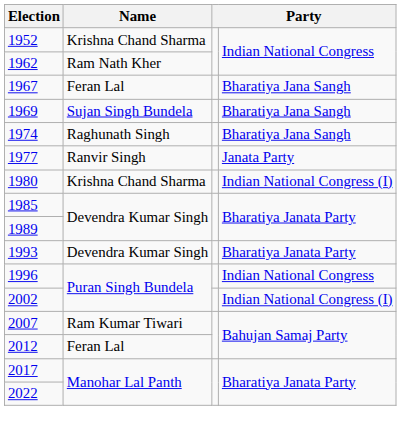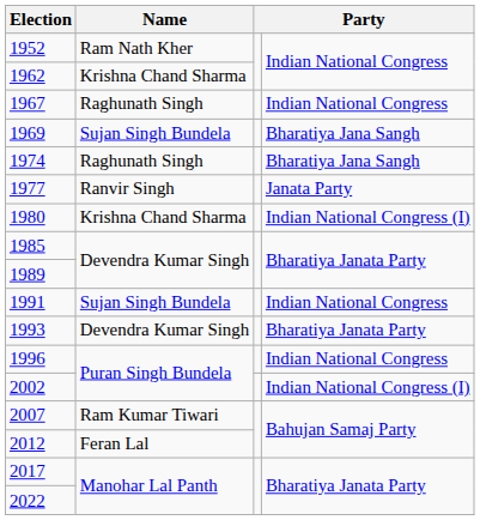 <table class="wikitable sortable">
 <tr>
 <th>Election</th>
 <th>Name</th>
 <th colspan="2">Party</th>
 </tr>
 <tr>
 <td><a href='#'>1952</a></td>
-<td>Krishna Chand Sharma</td>
+<td>Ram Nath Kher</td>
 <td rowspan="2" style="background-color: "></td>
 <td rowspan="2"><a href='#'>Indian National Congress</a></td>
 </tr>
 <tr>
 <td><a href='#'>1962</a></td>
-<td>Ram Nath Kher</td>
+<td>Krishna Chand Sharma</td>
 </tr>
 <tr>
 <td><a href='#'>1967</a></td>
-<td>Feran Lal</td>
+<td>Raghunath Singh</td>
 <td style="background-color: "></td>
-<td><a href='#'>Bharatiya Jana Sangh</a></td>
+<td><a href='#'>Indian National Congress</a></td>
 </tr>
 <tr>
 <td><a href='#'>1969</a></td>
 <td><a href='#'>Sujan Singh Bundela</a></td>
 <td style="background-color: "></td>
 <td><a href='#'>Bharatiya Jana Sangh</a></td>
 </tr>
 <tr>
 <td><a href='#'>1974</a></td>
 <td>Raghunath Singh</td>
 <td style="background-color: "></td>
 <td><a href='#'>Bharatiya Jana Sangh</a></td>
 </tr>
 <tr>
 <td><a href='#'>1977</a></td>
 <td>Ranvir Singh</td>
 <td style="background-color: "></td>
 <td><a href='#'>Janata Party</a></td>
 </tr>
 <tr>
 <td><a href='#'>1980</a></td>
 <td>Krishna Chand Sharma</td>
 <td style="background-color: "></td>
 <td><a href='#'>Indian National Congress (I)</a></td>
 </tr>
 <tr>
 <td><a href='#'>1985</a></td>
 <td rowspan="2">Devendra Kumar Singh</td>
 <td rowspan="2" style="background-color: "></td>
 <td rowspan="2"><a href='#'>Bharatiya Janata Party</a></td>
 </tr>
 <tr>
 <td><a href='#'>1989</a></td>
+</tr>
+<tr>
+<td><a href='#'>1991</a></td>
+<td><a href='#'>Sujan Singh Bundela</a></td>
+<td style="background-color: "></td>
+<td><a href='#'>Indian National Congress</a></td>
 </tr>
 <tr>
 <td><a href='#'>1993</a></td>
 <td>Devendra Kumar Singh</td>
 <td style="background-color: "></td>
 <td><a href='#'>Bharatiya Janata Party</a></td>
 </tr>
 <tr>
 <td><a href='#'>1996</a></td>
 <td rowspan="2"><a href='#'>Puran Singh Bundela</a></td>
 <td style="background-color: "></td>
 <td><a href='#'>Indian National Congress</a></td>
 </tr>
 <tr>
 <td><a href='#'>2002</a></td>
 <td style="background-color: "></td>
 <td><a href='#'>Indian National Congress (I)</a></td>
 </tr>
 <tr>
 <td><a href='#'>2007</a></td>
 <td>Ram Kumar Tiwari</td>
 <td rowspan="2" style="background-color: "></td>
 <td rowspan="2"><a href='#'>Bahujan Samaj Party</a></td>
 </tr>
 <tr>
 <td><a href='#'>2012</a></td>
 <td>Feran Lal</td>
 </tr>
 <tr>
 <td><a href='#'>2017</a></td>
 <td rowspan="2"><a href='#'>Manohar Lal Panth</a></td>
 <td rowspan="2" style="background-color: "></td>
 <td rowspan="2"><a href='#'>Bharatiya Janata Party</a></td>
 </tr>
 <tr>
 <td><a href='#'>2022</a></td>
 </tr>
 </table>
